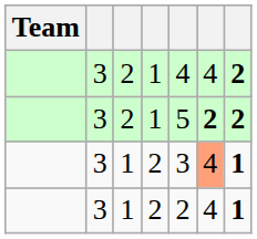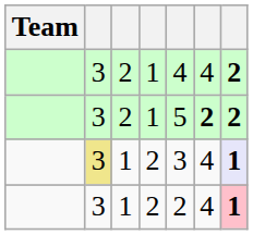 <table class=wikitable style="text-align:center">
 <tr>
 <th>Team</th>
 <th></th>
 <th></th>
 <th></th>
 <th></th>
 <th></th>
 <th></th>
 </tr>
 <tr bgcolor="ccffcc">
 <td style="text-align:left"></td>
 <td>3</td>
 <td>2</td>
 <td>1</td>
 <td>4</td>
 <td>4</td>
 <td><strong>2</strong></td>
 </tr>
 <tr bgcolor=ccffcc>
 <td style="text-align:left"></td>
 <td>3</td>
 <td>2</td>
 <td>1</td>
 <td>5</td>
 <td><strong>2</strong></td>
 <td><strong>2</strong></td>
 </tr>
 <tr>
 <td style="text-align:left"></td>
-<td>3</td>
+<td style="background: khaki;">3</td>
 <td>1</td>
 <td>2</td>
 <td>3</td>
-<td style="background: lightsalmon;">4</td>
-<td><strong>1</strong></td>
+<td>4</td>
+<td style="background: lavender;"><strong>1</strong></td>
 </tr>
 <tr>
 <td style="text-align:left"></td>
 <td>3</td>
 <td>1</td>
 <td>2</td>
 <td>2</td>
 <td>4</td>
-<td><strong>1</strong></td>
+<td style="background: pink;"><strong>1</strong></td>
 </tr>
 </table>
